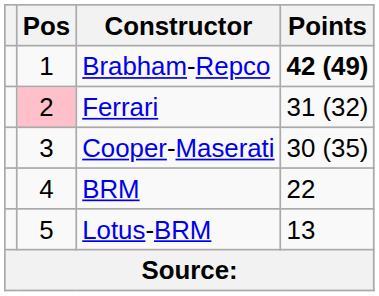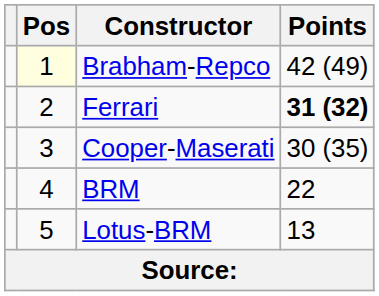 <table class="wikitable" style="font-size: 95%;">
 <tr>
 <th></th>
 <th>Pos</th>
 <th>Constructor</th>
 <th>Points</th>
 </tr>
 <tr>
 <td align="left"></td>
-<td align="center">1</td>
+<td align="center" style="background: lightyellow;">1</td>
 <td> <a href='#'>Brabham</a>-<a href='#'>Repco</a></td>
-<td align="left"><strong>42 (49)</strong></td>
+<td align="left">42 (49)</td>
 </tr>
 <tr>
 <td align="left"></td>
-<td align="center" style="background: pink;">2</td>
+<td align="center">2</td>
 <td> <a href='#'>Ferrari</a></td>
-<td align="left">31 (32)</td>
+<td align="left"><strong>31 (32)</strong></td>
 </tr>
 <tr>
 <td align="left"></td>
 <td align="center">3</td>
 <td> <a href='#'>Cooper</a>-<a href='#'>Maserati</a></td>
 <td align="left">30 (35)</td>
 </tr>
 <tr>
 <td align="left"></td>
 <td align="center">4</td>
 <td> <a href='#'>BRM</a></td>
 <td align="left">22</td>
 </tr>
 <tr>
 <td align="left"></td>
 <td align="center">5</td>
 <td> <a href='#'>Lotus</a>-<a href='#'>BRM</a></td>
 <td align="left">13</td>
 </tr>
 <tr>
 <th colspan=4>Source:</th>
 </tr>
 </table>
